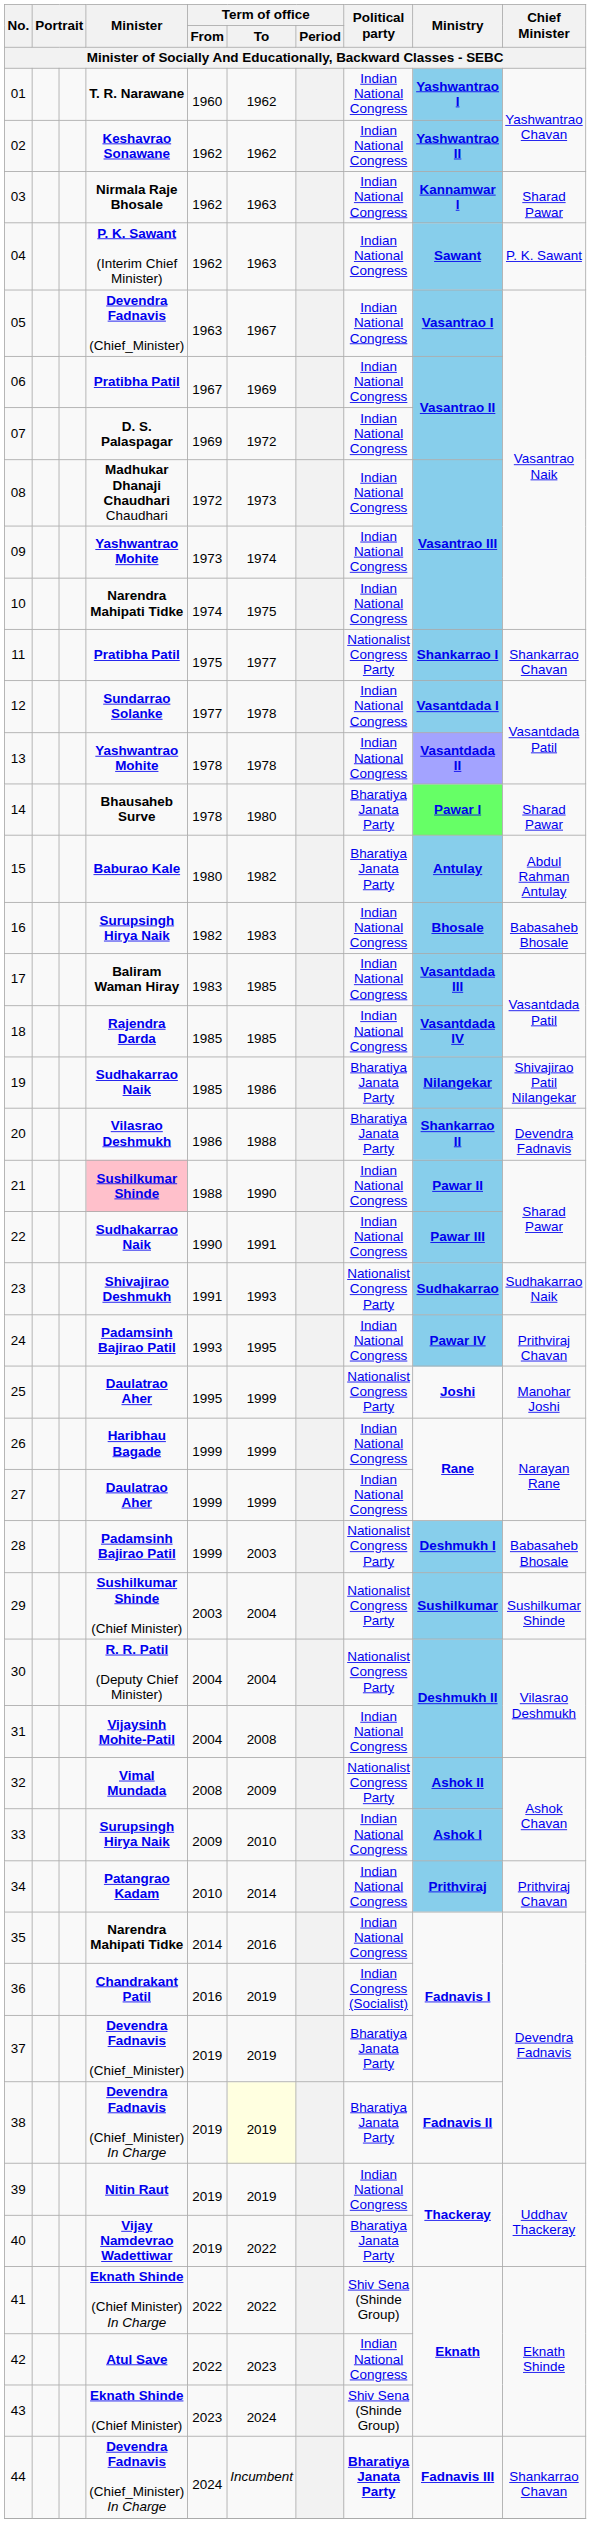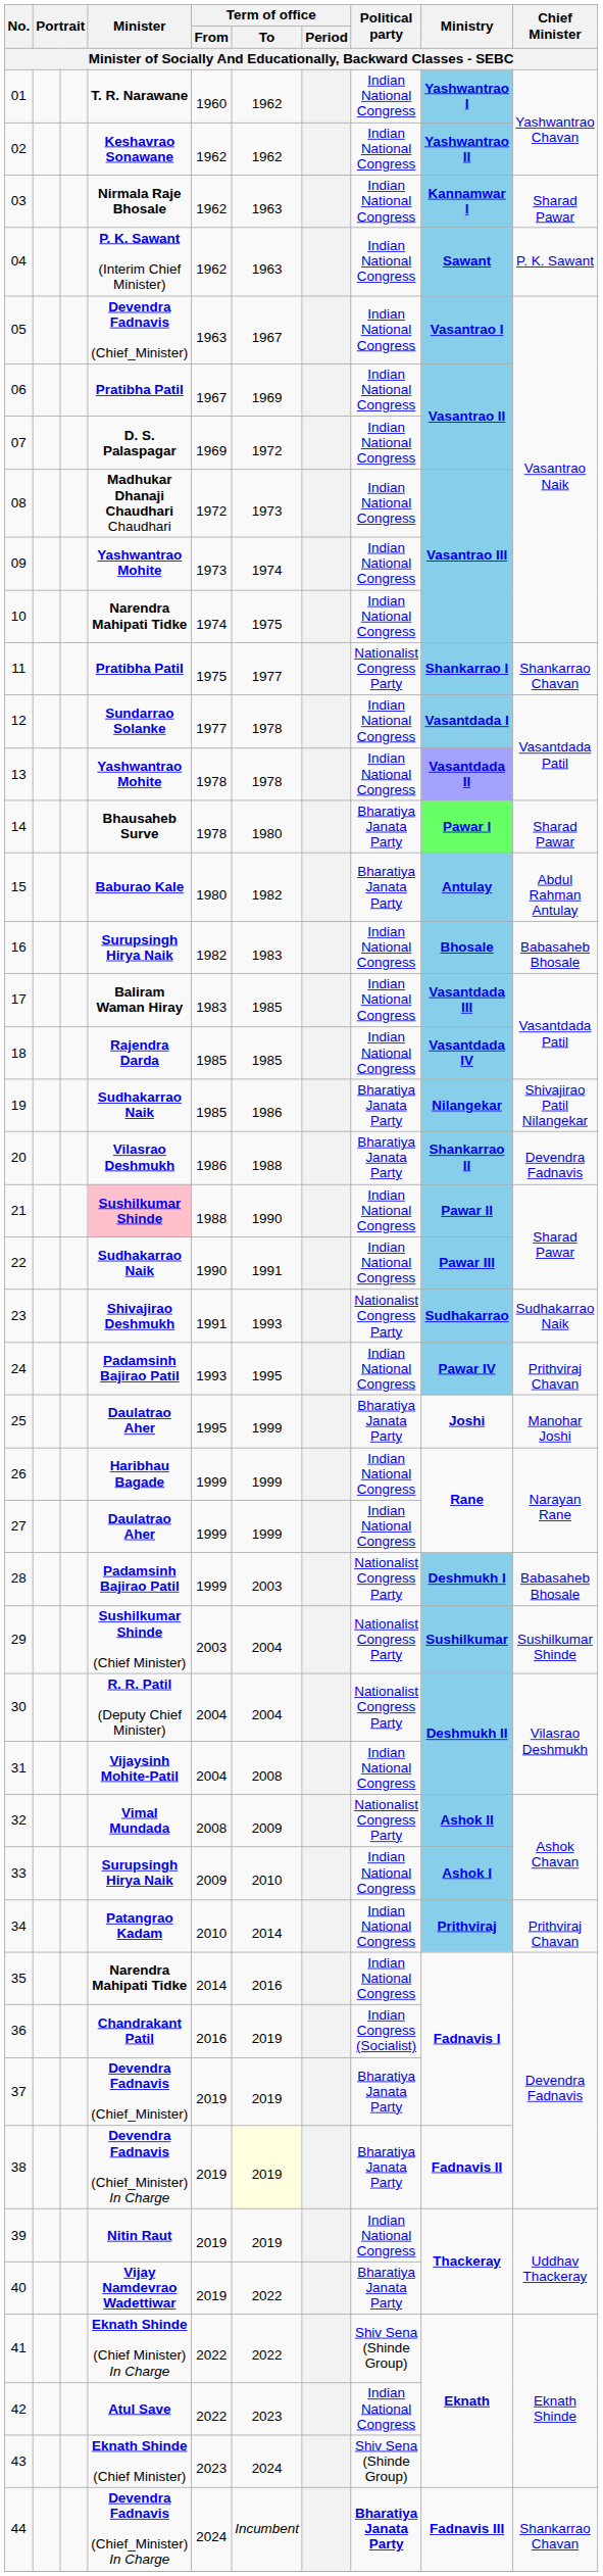 <table class="wikitable" style="text-align:center">
 <tr>
 <th rowspan="2">No.</th>
 <th rowspan="2" colspan="2">Portrait</th>
 <th rowspan="2" style="width:16em">Minister<br></th>
 <th colspan="3">Term of office</th>
 <th rowspan="2" style="width:8em">Political party</th>
 <th rowspan="2">Ministry</th>
 <th rowspan="2" style="width:9em">Chief Minister</th>
 </tr>
 <tr>
 <th style="width:6em">From</th>
 <th style="width:6em">To</th>
 <th>Period</th>
 </tr>
 <tr>
 <th colspan="10">Minister of Socially And Educationally, Backward Classes - SEBC</th>
 </tr>
 <tr>
 <td>01</td>
 <td style="color:inherit;background:"></td>
 <td></td>
 <td><strong>T. R. Narawane</strong> <br> </td>
 <td><br>1960</td>
 <td><br>1962</td>
 <th></th>
 <td><a href='#'>Indian National Congress</a></td>
 <td bgcolor="#87CEEB"><a href='#'><strong>Yashwantrao I</strong></a></td>
 <td rowspan="2"> <br><a href='#'>Yashwantrao Chavan</a></td>
 </tr>
 <tr>
 <td>02</td>
 <td style="color:inherit;background:"></td>
 <td></td>
 <td><strong><a href='#'>Keshavrao Sonawane</a></strong>  <br> </td>
 <td><br>1962</td>
 <td><br>1962</td>
 <th></th>
 <td><a href='#'>Indian National Congress</a></td>
 <td bgcolor="#87CEEB"><a href='#'><strong>Yashwantrao II</strong></a></td>
 </tr>
 <tr>
 <td>03</td>
 <td style="color:inherit;background:"></td>
 <td></td>
 <td><strong>Nirmala Raje Bhosale</strong> <br> </td>
 <td><br>1962</td>
 <td><br>1963</td>
 <th></th>
 <td><a href='#'>Indian National Congress</a></td>
 <td bgcolor="#87CEEB"><a href='#'><strong>Kannamwar l</strong></a></td>
 <td rowspan="1"><br><a href='#'>Sharad Pawar</a></td>
 </tr>
 <tr>
 <td>04</td>
 <td style="color:inherit;background:"></td>
 <td></td>
 <td><strong><a href='#'>P. K. Sawant</a></strong> <br>  <br>(Interim Chief Minister)</td>
 <td><br>1962</td>
 <td><br>1963</td>
 <th></th>
 <td><a href='#'>Indian National Congress</a></td>
 <td bgcolor="#87CEEB"><a href='#'><strong>Sawant</strong></a></td>
 <td><a href='#'>P. K. Sawant</a></td>
 </tr>
 <tr>
 <td>05</td>
 <td style="color:inherit;background:"></td>
 <td></td>
 <td><strong><a href='#'>Devendra Fadnavis</a></strong>  <br> <br>(Chief_Minister)</td>
 <td><br>1963</td>
 <td><br>1967</td>
 <th></th>
 <td><a href='#'>Indian National Congress</a></td>
 <td bgcolor="#87CEEB"><a href='#'><strong>Vasantrao I</strong></a></td>
 <td rowspan="6"><br><a href='#'>Vasantrao Naik</a></td>
 </tr>
 <tr>
 <td>06</td>
 <td style="color:inherit;background:"></td>
 <td></td>
 <td><strong><a href='#'>Pratibha Patil</a></strong> <br> </td>
 <td><br>1967</td>
 <td><br>1969</td>
 <th></th>
 <td><a href='#'>Indian National Congress</a></td>
 <td rowspan="2" bgcolor="#87CEEB"><a href='#'><strong>Vasantrao II</strong></a></td>
 </tr>
 <tr>
 <td>07</td>
 <td style="color:inherit;background:"></td>
 <td></td>
 <td><strong>D. S. Palaspagar</strong> <br> </td>
 <td><br>1969</td>
 <td><br>1972</td>
 <th></th>
 <td><a href='#'>Indian National Congress</a></td>
 </tr>
 <tr>
 <td>08</td>
 <td style="color:inherit;background:"></td>
 <td></td>
 <td><strong>Madhukar Dhanaji Chaudhari</strong> Chaudhari<br> </td>
 <td><br>1972</td>
 <td><br>1973</td>
 <th></th>
 <td><a href='#'>Indian National Congress</a></td>
 <td rowspan="3" bgcolor="#87CEEB"><a href='#'><strong>Vasantrao III</strong></a></td>
 </tr>
 <tr>
 <td>09</td>
 <td style="color:inherit;background:"></td>
 <td></td>
 <td><strong><a href='#'>Yashwantrao Mohite</a></strong> <br> </td>
 <td><br>1973</td>
 <td><br>1974</td>
 <th></th>
 <td><a href='#'>Indian National Congress</a></td>
 </tr>
 <tr>
 <td>10</td>
 <td style="color:inherit;background:"></td>
 <td></td>
 <td><strong>Narendra Mahipati Tidke</strong> <br> </td>
 <td><br>1974</td>
 <td><br>1975</td>
 <th></th>
 <td><a href='#'>Indian National Congress</a></td>
 </tr>
 <tr>
 <td>11</td>
 <td style="color:inherit;background:"></td>
 <td></td>
 <td><strong><a href='#'>Pratibha Patil</a></strong> <br> </td>
 <td><br>1975</td>
 <td><br>1977</td>
 <th></th>
 <td><a href='#'>Nationalist Congress Party</a></td>
 <td rowspan="1" bgcolor="#87CEEB"><a href='#'><strong>Shankarrao I</strong></a></td>
 <td rowspan="1"><br><a href='#'>Shankarrao Chavan</a></td>
 </tr>
 <tr>
 <td>12</td>
 <td style="color:inherit;background:"></td>
 <td></td>
 <td><strong><a href='#'>Sundarrao Solanke</a></strong> <br> </td>
 <td><br>1977</td>
 <td><br>1978</td>
 <th></th>
 <td><a href='#'>Indian National Congress</a></td>
 <td rowspan="1" bgcolor="#88CEEB"><a href='#'><strong>Vasantdada I</strong></a></td>
 <td rowspan="2"><br><a href='#'>Vasantdada Patil</a></td>
 </tr>
 <tr>
 <td>13</td>
 <td style="color:inherit;background:"></td>
 <td></td>
 <td><strong><a href='#'>Yashwantrao Mohite</a></strong> <br> </td>
 <td><br>1978</td>
 <td><br>1978</td>
 <th></th>
 <td><a href='#'>Indian National Congress</a></td>
 <td rowspan="1" bgcolor="#A3A3FF"><a href='#'><strong>Vasantdada II</strong></a></td>
 </tr>
 <tr>
 <td>14</td>
 <td style="color:inherit;background:"></td>
 <td></td>
 <td><strong>Bhausaheb Surve</strong> <br> </td>
 <td><br>1978</td>
 <td><br>1980</td>
 <th></th>
 <td rowspan="1"><a href='#'>Bharatiya Janata Party</a></td>
 <td rowspan="1" bgcolor="#66FF66"><a href='#'><strong>Pawar I</strong></a></td>
 <td rowspan="1"><br><a href='#'>Sharad Pawar</a></td>
 </tr>
 <tr>
 <td>15</td>
 <td style="color:inherit;background:"></td>
 <td></td>
 <td><strong><a href='#'>Baburao Kale</a></strong> <br> </td>
 <td><br>1980</td>
 <td><br>1982</td>
 <th></th>
 <td><a href='#'>Bharatiya Janata Party</a></td>
 <td rowspan="1" bgcolor="#87CEEB"><a href='#'><strong>Antulay</strong></a></td>
 <td rowspan="1"> <br><a href='#'>Abdul Rahman Antulay</a></td>
 </tr>
 <tr>
 <td>16</td>
 <td style="color:inherit;background:"></td>
 <td></td>
 <td><strong><a href='#'>Surupsingh Hirya Naik</a></strong>  <br> </td>
 <td><br>1982</td>
 <td><br>1983</td>
 <th></th>
 <td><a href='#'>Indian National Congress</a></td>
 <td rowspan="1" bgcolor="#87CEEB"><a href='#'><strong>Bhosale</strong></a></td>
 <td rowspan="1"> <br><a href='#'>Babasaheb Bhosale</a></td>
 </tr>
 <tr>
 <td>17</td>
 <td style="color:inherit;background:"></td>
 <td></td>
 <td><strong>Baliram Waman Hiray</strong> <br> </td>
 <td><br>1983</td>
 <td><br>1985</td>
 <th></th>
 <td><a href='#'>Indian National Congress</a></td>
 <td rowspan="1" bgcolor="#87CEEB"><a href='#'><strong>Vasantdada III</strong></a></td>
 <td rowspan="2"><br><a href='#'>Vasantdada Patil</a></td>
 </tr>
 <tr>
 <td>18</td>
 <td style="color:inherit;background:"></td>
 <td></td>
 <td><strong><a href='#'>Rajendra Darda</a></strong> <br> </td>
 <td><br>1985</td>
 <td><br>1985</td>
 <th></th>
 <td><a href='#'>Indian National Congress</a></td>
 <td bgcolor="#87CEEB"><a href='#'><strong>Vasantdada IV</strong></a></td>
 </tr>
 <tr>
 <td>19</td>
 <td style="color:inherit;background:"></td>
 <td></td>
 <td><strong><a href='#'>Sudhakarrao Naik</a></strong> <br> </td>
 <td><br>1985</td>
 <td><br>1986</td>
 <th></th>
 <td><a href='#'>Bharatiya Janata Party</a></td>
 <td bgcolor="#87CEEB"><a href='#'><strong>Nilangekar</strong></a></td>
 <td><a href='#'>Shivajirao Patil Nilangekar</a></td>
 </tr>
 <tr>
 <td>20</td>
 <td style="color:inherit;background:"></td>
 <td></td>
 <td><strong><a href='#'>Vilasrao Deshmukh</a></strong> <br> </td>
 <td><br>1986</td>
 <td><br>1988</td>
 <th></th>
 <td rowspan="1"><a href='#'>Bharatiya Janata Party</a></td>
 <td rowspan="1"bgcolor="#87CEEB"><a href='#'><strong>Shankarrao II</strong></a></td>
 <td rowspan="1"> <br><a href='#'>Devendra Fadnavis</a></td>
 </tr>
 <tr>
 <td>21</td>
 <td style="color:inherit;background:"></td>
 <td></td>
 <td style="background: pink;"><strong><a href='#'>Sushilkumar Shinde</a></strong> <br> </td>
 <td><br>1988</td>
 <td><br>1990</td>
 <th></th>
 <td><a href='#'>Indian National Congress</a></td>
 <td rowspan="1" bgcolor="#87CEEB"><a href='#'><strong>Pawar II</strong></a></td>
 <td rowspan="2"> <br><a href='#'>Sharad Pawar</a></td>
 </tr>
 <tr>
 <td>22</td>
 <td style="color:inherit;background:"></td>
 <td></td>
 <td><strong><a href='#'>Sudhakarrao Naik</a></strong> <br> </td>
 <td><br>1990</td>
 <td><br>1991</td>
 <th></th>
 <td><a href='#'>Indian National Congress</a></td>
 <td rowspan="1" bgcolor="#87CEEB"><a href='#'><strong>Pawar III</strong></a></td>
 </tr>
 <tr>
 <td>23</td>
 <td style="color:inherit;background:"></td>
 <td></td>
 <td><strong><a href='#'>Shivajirao Deshmukh</a></strong> <br> </td>
 <td><br>1991</td>
 <td><br>1993</td>
 <th></th>
 <td><a href='#'>Nationalist Congress Party</a></td>
 <td rowspan="1" bgcolor="#87CEEB"><a href='#'><strong>Sudhakarrao</strong></a></td>
 <td rowspan="1"><a href='#'>Sudhakarrao Naik</a></td>
 </tr>
 <tr>
 <td>24</td>
 <td style="color:inherit;background:"></td>
 <td></td>
 <td><strong><a href='#'>Padamsinh Bajirao Patil</a></strong> <br> </td>
 <td><br>1993</td>
 <td><br>1995</td>
 <th></th>
 <td><a href='#'>Indian National Congress</a></td>
 <td bgcolor="#87CEEB"><a href='#'><strong>Pawar IV</strong></a></td>
 <td rowspan="1"><br><a href='#'>Prithviraj Chavan</a></td>
 </tr>
 <tr>
 <td>25</td>
 <td style="color:inherit;background:"></td>
 <td></td>
 <td><strong><a href='#'>Daulatrao Aher</a></strong> <br> </td>
 <td><br>1995</td>
 <td><br>1999</td>
 <th></th>
-<td><a href='#'>Nationalist Congress Party</a></td>
+<td><a href='#'>Bharatiya Janata Party</a></td>
 <td rowspan="1"><a href='#'><strong>Joshi</strong></a></td>
 <td rowspan="1"> <br><a href='#'>Manohar Joshi</a></td>
 </tr>
 <tr>
 <td>26</td>
 <td style="color:inherit;background:"></td>
 <td></td>
 <td><strong><a href='#'>Haribhau Bagade</a></strong> <br> </td>
 <td><br>1999</td>
 <td><br>1999</td>
 <th></th>
 <td><a href='#'>Indian National Congress</a></td>
 <td rowspan="2"><a href='#'><strong>Rane</strong></a></td>
 <td rowspan="2"> <br><a href='#'>Narayan Rane</a></td>
 </tr>
 <tr>
 <td>27</td>
 <td style="color:inherit;background:"></td>
 <td></td>
 <td><strong><a href='#'>Daulatrao Aher</a></strong> <br> </td>
 <td><br>1999</td>
 <td><br>1999</td>
 <th></th>
 <td><a href='#'>Indian National Congress</a></td>
 </tr>
 <tr>
 <td>28</td>
 <td style="color:inherit;background:"></td>
 <td></td>
 <td><strong><a href='#'>Padamsinh Bajirao Patil</a></strong> <br> </td>
 <td><br>1999</td>
 <td><br>2003</td>
 <th></th>
 <td><a href='#'>Nationalist Congress Party</a></td>
 <td rowspan="1" bgcolor="#87CEEB"><a href='#'><strong>Deshmukh I</strong></a></td>
 <td rowspan="1"> <br><a href='#'>Babasaheb Bhosale</a></td>
 </tr>
 <tr>
 <td>29</td>
 <td style="color:inherit;background:"></td>
 <td></td>
 <td><strong><a href='#'>Sushilkumar Shinde</a></strong> <br> <br> (Chief Minister)</td>
 <td><br>2003</td>
 <td><br>2004</td>
 <th></th>
 <td><a href='#'>Nationalist Congress Party</a></td>
 <td rowspan="1" bgcolor="#87CEEB"><a href='#'><strong>Sushilkumar</strong></a></td>
 <td rowspan="1"> <br><a href='#'>Sushilkumar Shinde</a></td>
 </tr>
 <tr>
 <td>30</td>
 <td style="color:inherit;background:"></td>
 <td></td>
 <td><strong><a href='#'>R. R. Patil</a></strong> <br> <br> (Deputy Chief Minister)</td>
 <td><br>2004</td>
 <td><br>2004</td>
 <th></th>
 <td><a href='#'>Nationalist Congress Party</a></td>
 <td rowspan="2" bgcolor="#87CEEB"><a href='#'><strong>Deshmukh II</strong></a></td>
 <td rowspan="2"> <br><a href='#'>Vilasrao Deshmukh</a></td>
 </tr>
 <tr>
 <td>31</td>
 <td style="color:inherit;background:"></td>
 <td></td>
 <td><strong><a href='#'>Vijaysinh Mohite-Patil</a></strong> <br> </td>
 <td><br>2004</td>
 <td><br>2008</td>
 <th></th>
 <td><a href='#'>Indian National Congress</a></td>
 </tr>
 <tr>
 <td>32</td>
 <td style="color:inherit;background:"></td>
 <td></td>
 <td><strong><a href='#'>Vimal Mundada</a></strong> <br> </td>
 <td><br>2008</td>
 <td><br>2009</td>
 <th></th>
 <td><a href='#'>Nationalist Congress Party</a></td>
 <td bgcolor="#87CEEB"><a href='#'><strong>Ashok II</strong></a></td>
 <td rowspan="2"><br><a href='#'>Ashok Chavan</a></td>
 </tr>
 <tr>
 <td>33</td>
 <td style="color:inherit;background:"></td>
 <td></td>
 <td><strong><a href='#'>Surupsingh Hirya Naik</a></strong> <br> </td>
 <td><br>2009</td>
 <td><br>2010</td>
 <th></th>
 <td><a href='#'>Indian National Congress</a></td>
 <td bgcolor="#87CEEB"><a href='#'><strong>Ashok I</strong></a></td>
 </tr>
 <tr>
 <td>34</td>
 <td style="color:inherit;background:"></td>
 <td></td>
 <td><strong><a href='#'>Patangrao Kadam</a></strong> <br> </td>
 <td><br>2010</td>
 <td><br>2014</td>
 <th></th>
 <td><a href='#'>Indian National Congress</a></td>
 <td rowspan="1" bgcolor="#87CEEB"><a href='#'><strong>Prithviraj</strong></a></td>
 <td rowspan="1"><br><a href='#'>Prithviraj Chavan</a></td>
 </tr>
 <tr>
 <td>35</td>
 <td style="color:inherit;background:"></td>
 <td></td>
 <td><strong>Narendra Mahipati Tidke</strong> <br> </td>
 <td><br>2014</td>
 <td><br>2016</td>
 <th></th>
 <td><a href='#'>Indian National Congress</a></td>
 <td rowspan="3"><a href='#'><strong>Fadnavis I</strong></a></td>
 <td rowspan="4"> <br><a href='#'>Devendra Fadnavis</a></td>
 </tr>
 <tr>
 <td>36</td>
 <td style="color:inherit;background:"></td>
 <td></td>
 <td><strong><a href='#'>Chandrakant Patil</a></strong> <br> </td>
 <td><br>2016</td>
 <td><br>2019</td>
 <th></th>
 <td><a href='#'>Indian Congress (Socialist)</a></td>
 </tr>
 <tr>
 <td>37</td>
 <td style="color:inherit;background:"></td>
 <td></td>
 <td><strong><a href='#'>Devendra Fadnavis</a></strong> <br> <br>(Chief_Minister)</td>
 <td><br>2019</td>
 <td><br>2019</td>
 <th></th>
 <td><a href='#'>Bharatiya Janata Party</a></td>
 </tr>
 <tr>
 <td>38</td>
 <td style="color:inherit;background:"></td>
 <td></td>
 <td><strong><a href='#'>Devendra Fadnavis</a></strong>  <br> <br>(Chief_Minister) <br><em>In Charge</em></td>
 <td><br>2019</td>
 <td style="background: lightyellow;"><br>2019</td>
 <th></th>
 <td><a href='#'>Bharatiya Janata Party</a></td>
 <td rowspan="1"><a href='#'><strong>Fadnavis II</strong></a></td>
 </tr>
 <tr>
 <td>39</td>
 <td style="color:inherit;background:"></td>
 <td></td>
 <td><strong><a href='#'>Nitin Raut</a></strong> <br> </td>
 <td><br>2019</td>
 <td><br>2019</td>
 <th></th>
 <td><a href='#'>Indian National Congress</a></td>
 <td rowspan="2"><a href='#'><strong>Thackeray</strong></a></td>
 <td rowspan="2"> <br><a href='#'>Uddhav Thackeray</a></td>
 </tr>
 <tr>
 <td>40</td>
 <td style="color:inherit;background:"></td>
 <td></td>
 <td><strong><a href='#'>Vijay Namdevrao Wadettiwar</a></strong> <br> </td>
 <td><br>2019</td>
 <td><br>2022</td>
 <th></th>
 <td><a href='#'>Bharatiya Janata Party</a></td>
 </tr>
 <tr>
 <td>41</td>
 <td style="color:inherit;background:"></td>
 <td></td>
 <td><strong><a href='#'>Eknath Shinde</a></strong> <br>  <br>(Chief Minister)<br><em>In Charge</em></td>
 <td><br>2022</td>
 <td><br>2022</td>
 <th></th>
 <td><a href='#'>Shiv Sena</a> (Shinde Group)</td>
 <td rowspan="3"><a href='#'><strong>Eknath</strong></a></td>
 <td rowspan="3"> <br><a href='#'>Eknath Shinde</a></td>
 </tr>
 <tr>
 <td>42</td>
 <td style="color:inherit;background:"></td>
 <td></td>
 <td><strong><a href='#'>Atul Save</a></strong> <br> </td>
 <td><br>2022</td>
 <td><br>2023</td>
 <th></th>
 <td><a href='#'>Indian National Congress</a></td>
 </tr>
 <tr>
 <td>43</td>
 <td style="color:inherit;background:"></td>
 <td></td>
 <td><strong><a href='#'>Eknath Shinde</a></strong> <br>  <br>(Chief Minister)</td>
 <td><br>2023</td>
 <td><br>2024</td>
 <th></th>
 <td><a href='#'>Shiv Sena</a> (Shinde Group)</td>
 </tr>
 <tr>
 <td>44</td>
 <td style="color:inherit;background:"></td>
 <td></td>
 <td><strong><a href='#'>Devendra Fadnavis</a></strong>  <br> <br>(Chief_Minister) <br><em>In Charge</em></td>
 <td><br>2024</td>
 <td><em>Incumbent</em></td>
 <th></th>
 <td><strong><a href='#'>Bharatiya Janata Party</a></strong></td>
 <td rowspan="1"><a href='#'><strong>Fadnavis III</strong></a></td>
 <td rowspan="1"> <br><a href='#'>Shankarrao Chavan</a></td>
 </tr>
 <tr>
 </tr>
 </table>
